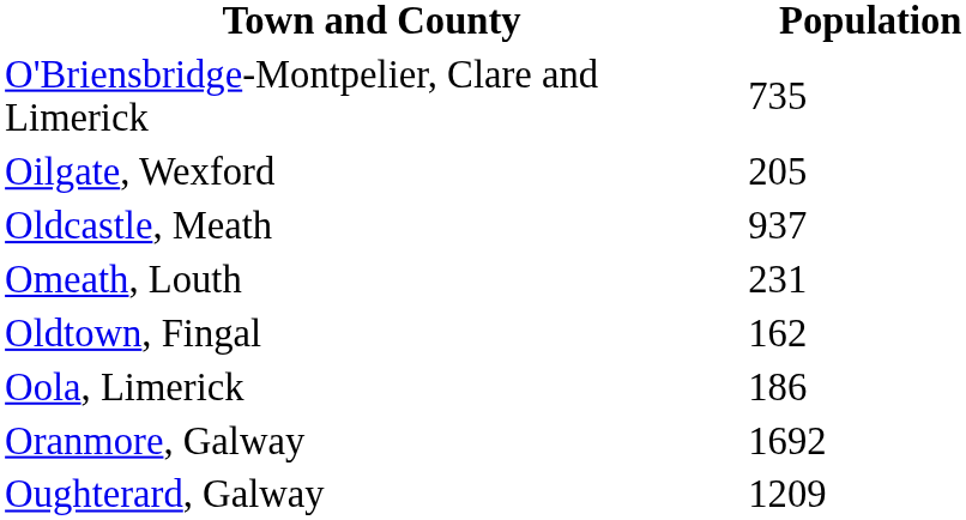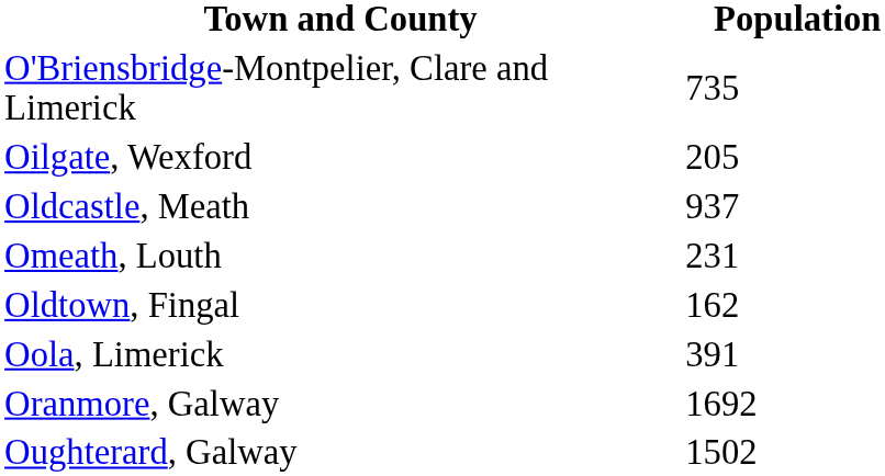 <table>
 <tr>
 <th style="width:300px;align:left;">Town and County</th>
 <th style="width:100px;align:right;">Population</th>
 </tr>
 <tr>
 <td><a href='#'>O'Briensbridge</a>-Montpelier, Clare and Limerick</td>
 <td>735</td>
 </tr>
 <tr>
 <td><a href='#'>Oilgate</a>, Wexford</td>
 <td>205</td>
 </tr>
 <tr>
 <td><a href='#'>Oldcastle</a>, Meath</td>
 <td>937</td>
 </tr>
 <tr>
 <td><a href='#'>Omeath</a>, Louth</td>
 <td>231</td>
 </tr>
 <tr>
 <td><a href='#'>Oldtown</a>, Fingal</td>
 <td>162</td>
 </tr>
 <tr>
 <td><a href='#'>Oola</a>, Limerick</td>
-<td>186</td>
+<td>391</td>
 </tr>
 <tr>
 <td><a href='#'>Oranmore</a>, Galway</td>
 <td>1692</td>
 </tr>
 <tr>
 <td><a href='#'>Oughterard</a>, Galway</td>
-<td>1209</td>
+<td>1502</td>
 </tr>
 </table>
